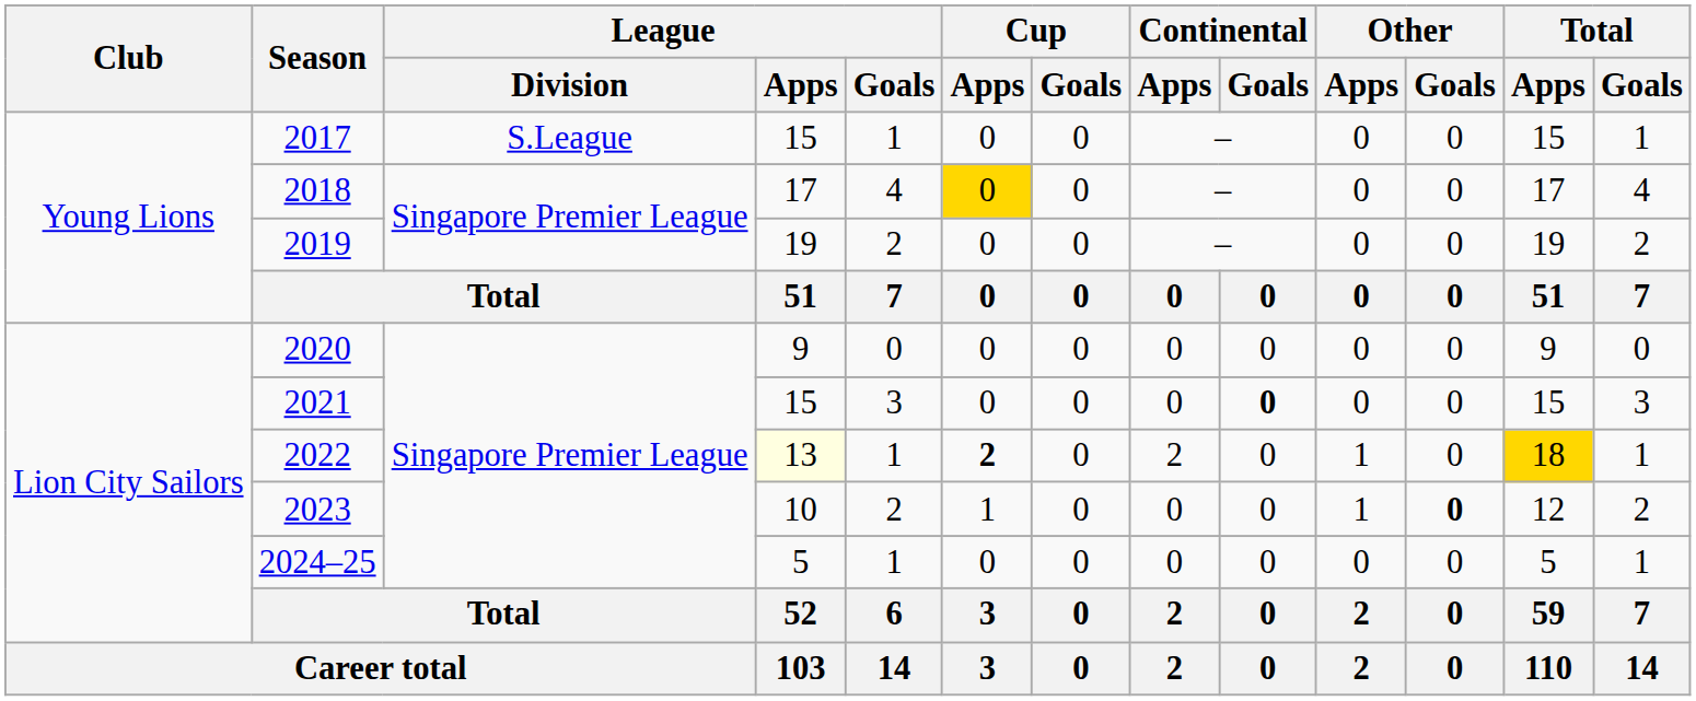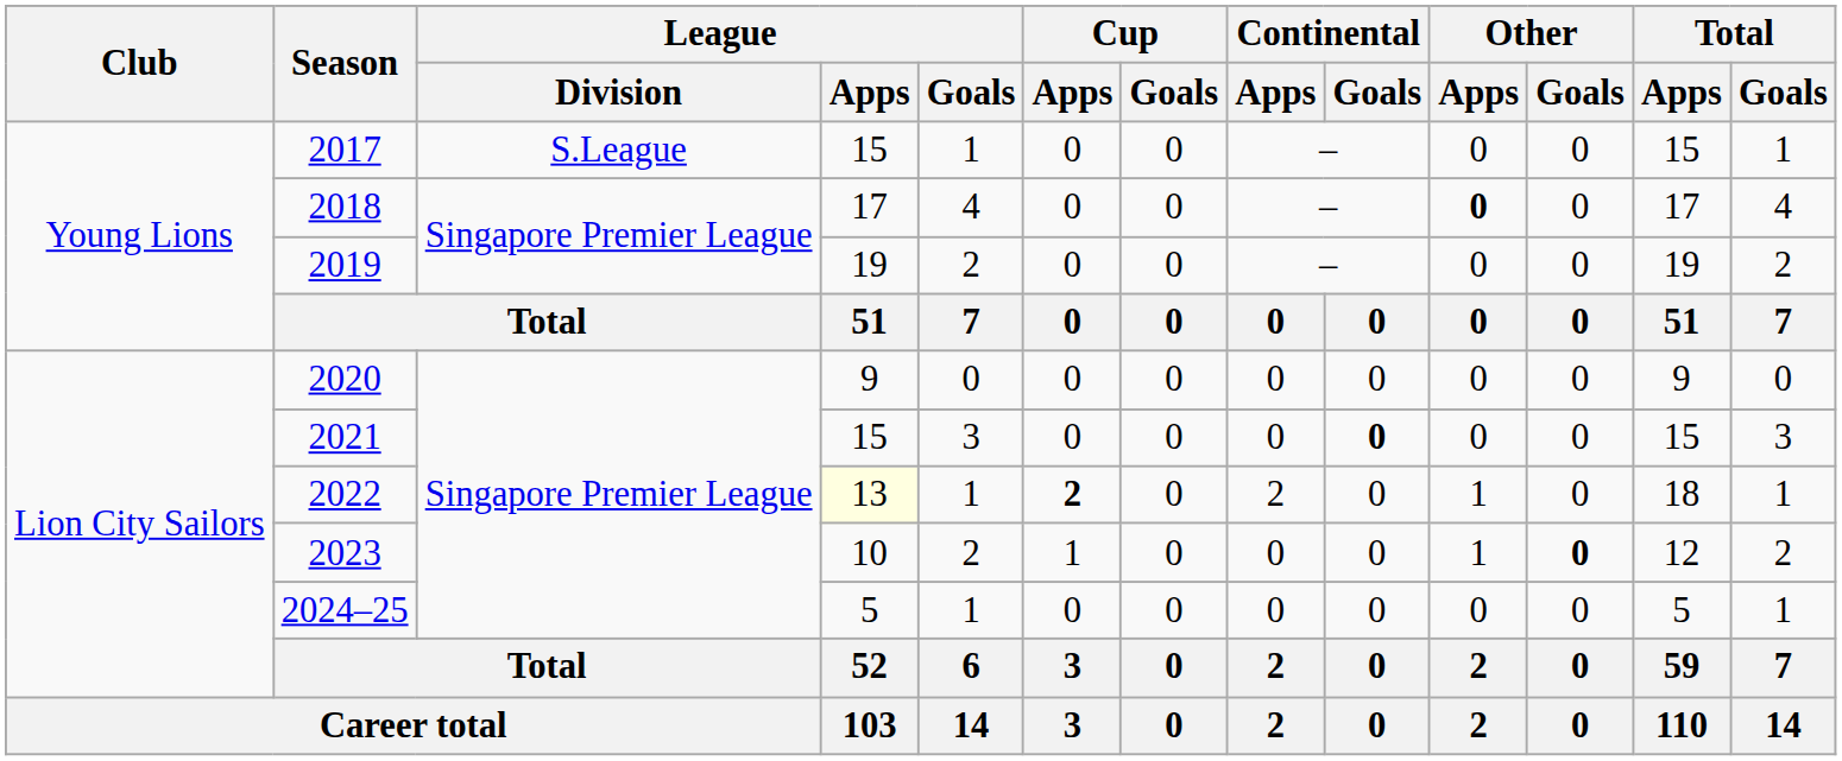 <table class="wikitable" style="text-align: center">
 <tr>
 <th rowspan="2">Club</th>
 <th rowspan="2">Season</th>
 <th colspan="3">League</th>
 <th colspan="2">Cup</th>
 <th colspan="2">Continental</th>
 <th colspan="2">Other</th>
 <th colspan="2">Total</th>
 </tr>
 <tr>
 <th>Division</th>
 <th>Apps</th>
 <th>Goals</th>
 <th>Apps</th>
 <th>Goals</th>
 <th>Apps</th>
 <th>Goals</th>
 <th>Apps</th>
 <th>Goals</th>
 <th>Apps</th>
 <th>Goals</th>
 </tr>
 <tr>
 <td rowspan="4"><a href='#'>Young Lions</a></td>
 <td><a href='#'>2017</a></td>
 <td><a href='#'>S.League</a></td>
 <td>15</td>
 <td>1</td>
 <td>0</td>
 <td>0</td>
 <td colspan="2">–</td>
 <td>0</td>
 <td>0</td>
 <td>15</td>
 <td>1</td>
 </tr>
 <tr>
 <td><a href='#'>2018</a></td>
 <td rowspan="2"><a href='#'>Singapore Premier League</a></td>
 <td>17</td>
 <td>4</td>
-<td style="background: gold;">0</td>
+<td>0</td>
 <td>0</td>
 <td colspan="2">–</td>
-<td>0</td>
+<td><strong>0</strong></td>
 <td>0</td>
 <td>17</td>
 <td>4</td>
 </tr>
 <tr>
 <td><a href='#'>2019</a></td>
 <td>19</td>
 <td>2</td>
 <td>0</td>
 <td>0</td>
 <td colspan="2">–</td>
 <td>0</td>
 <td>0</td>
 <td>19</td>
 <td>2</td>
 </tr>
 <tr>
 <th colspan=2>Total</th>
 <th>51</th>
 <th>7</th>
 <th>0</th>
 <th>0</th>
 <th>0</th>
 <th>0</th>
 <th>0</th>
 <th>0</th>
 <th>51</th>
 <th>7</th>
 </tr>
 <tr>
 <td rowspan="6"><a href='#'>Lion City Sailors</a></td>
 <td><a href='#'>2020</a></td>
 <td rowspan="5"><a href='#'>Singapore Premier League</a></td>
 <td>9</td>
 <td>0</td>
 <td>0</td>
 <td>0</td>
 <td>0</td>
 <td>0</td>
 <td>0</td>
 <td>0</td>
 <td>9</td>
 <td>0</td>
 </tr>
 <tr>
 <td><a href='#'>2021</a></td>
 <td>15</td>
 <td>3</td>
 <td>0</td>
 <td>0</td>
 <td>0</td>
 <td><strong>0</strong></td>
 <td>0</td>
 <td>0</td>
 <td>15</td>
 <td>3</td>
 </tr>
 <tr>
 <td><a href='#'>2022</a></td>
 <td style="background: lightyellow;">13</td>
 <td>1</td>
 <td><strong>2</strong></td>
 <td>0</td>
 <td>2</td>
 <td>0</td>
 <td>1</td>
 <td>0</td>
-<td style="background: gold;">18</td>
+<td>18</td>
 <td>1</td>
 </tr>
 <tr>
 <td><a href='#'>2023</a></td>
 <td>10</td>
 <td>2</td>
 <td>1</td>
 <td>0</td>
 <td>0</td>
 <td>0</td>
 <td>1</td>
 <td><strong>0</strong></td>
 <td>12</td>
 <td>2</td>
 </tr>
 <tr>
 <td><a href='#'>2024–25</a></td>
 <td>5</td>
 <td>1</td>
 <td>0</td>
 <td>0</td>
 <td>0</td>
 <td>0</td>
 <td>0</td>
 <td>0</td>
 <td>5</td>
 <td>1</td>
 </tr>
 <tr>
 <th colspan="2">Total</th>
 <th>52</th>
 <th>6</th>
 <th>3</th>
 <th>0</th>
 <th>2</th>
 <th>0</th>
 <th>2</th>
 <th>0</th>
 <th>59</th>
 <th>7</th>
 </tr>
 <tr>
 <th colspan="3">Career total</th>
 <th>103</th>
 <th>14</th>
 <th>3</th>
 <th>0</th>
 <th>2</th>
 <th>0</th>
 <th>2</th>
 <th>0</th>
 <th>110</th>
 <th>14</th>
 </tr>
 </table>
